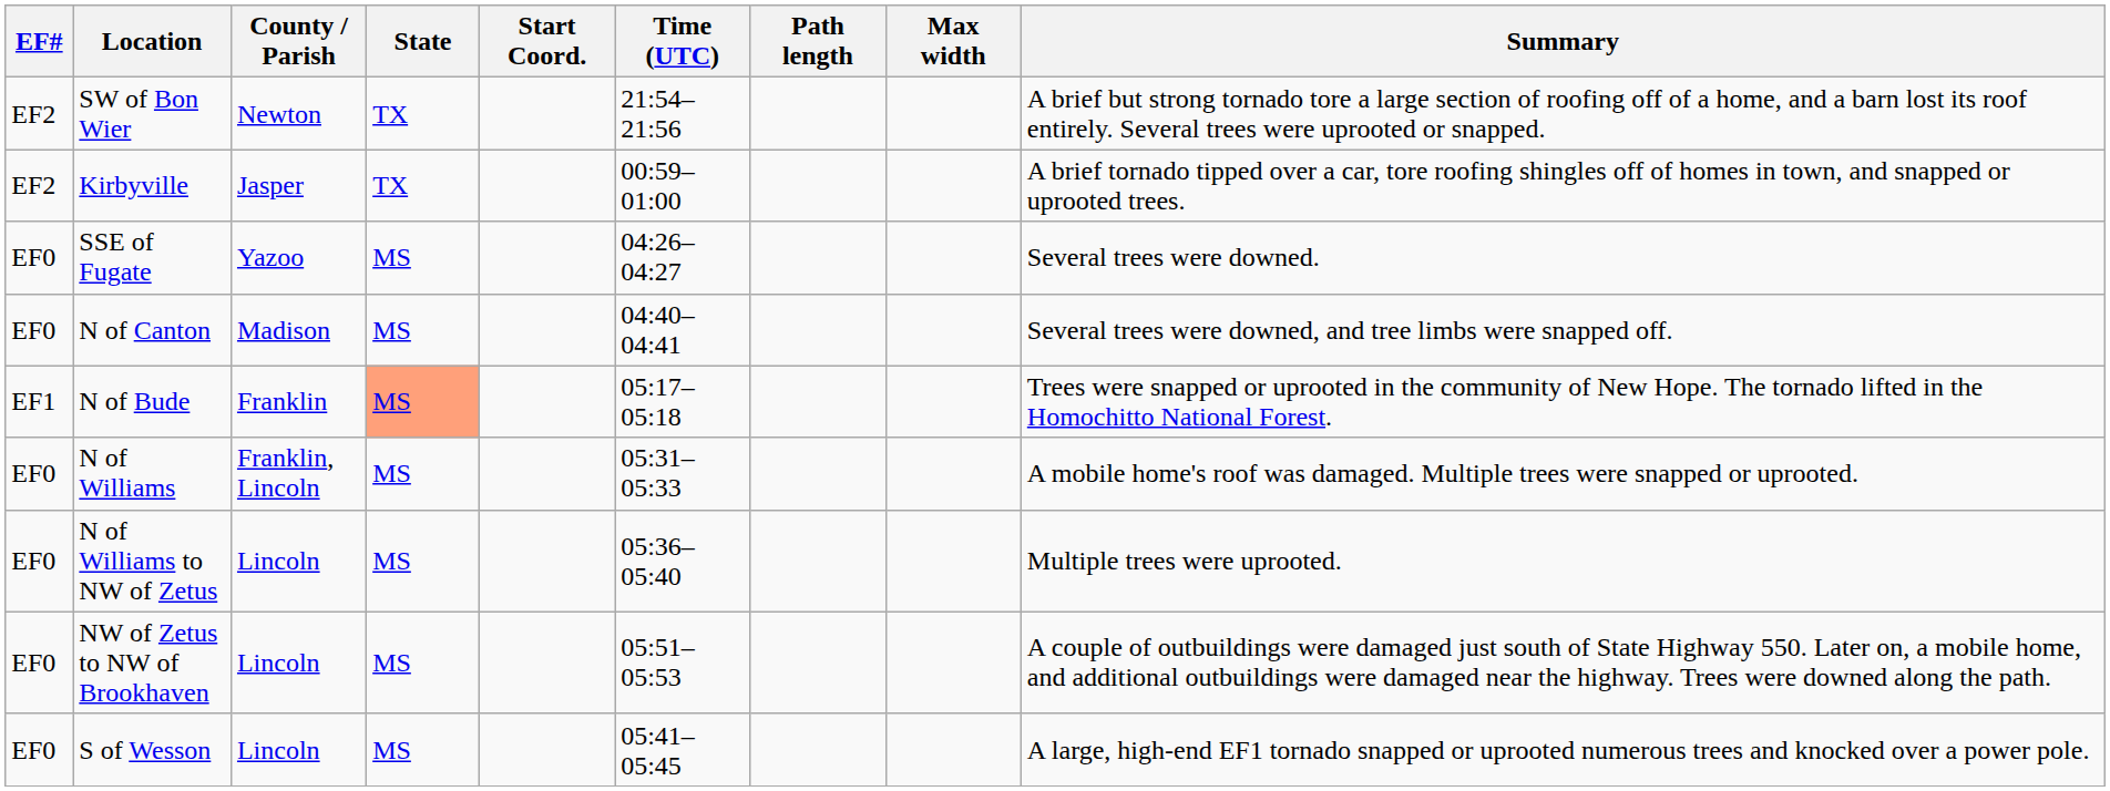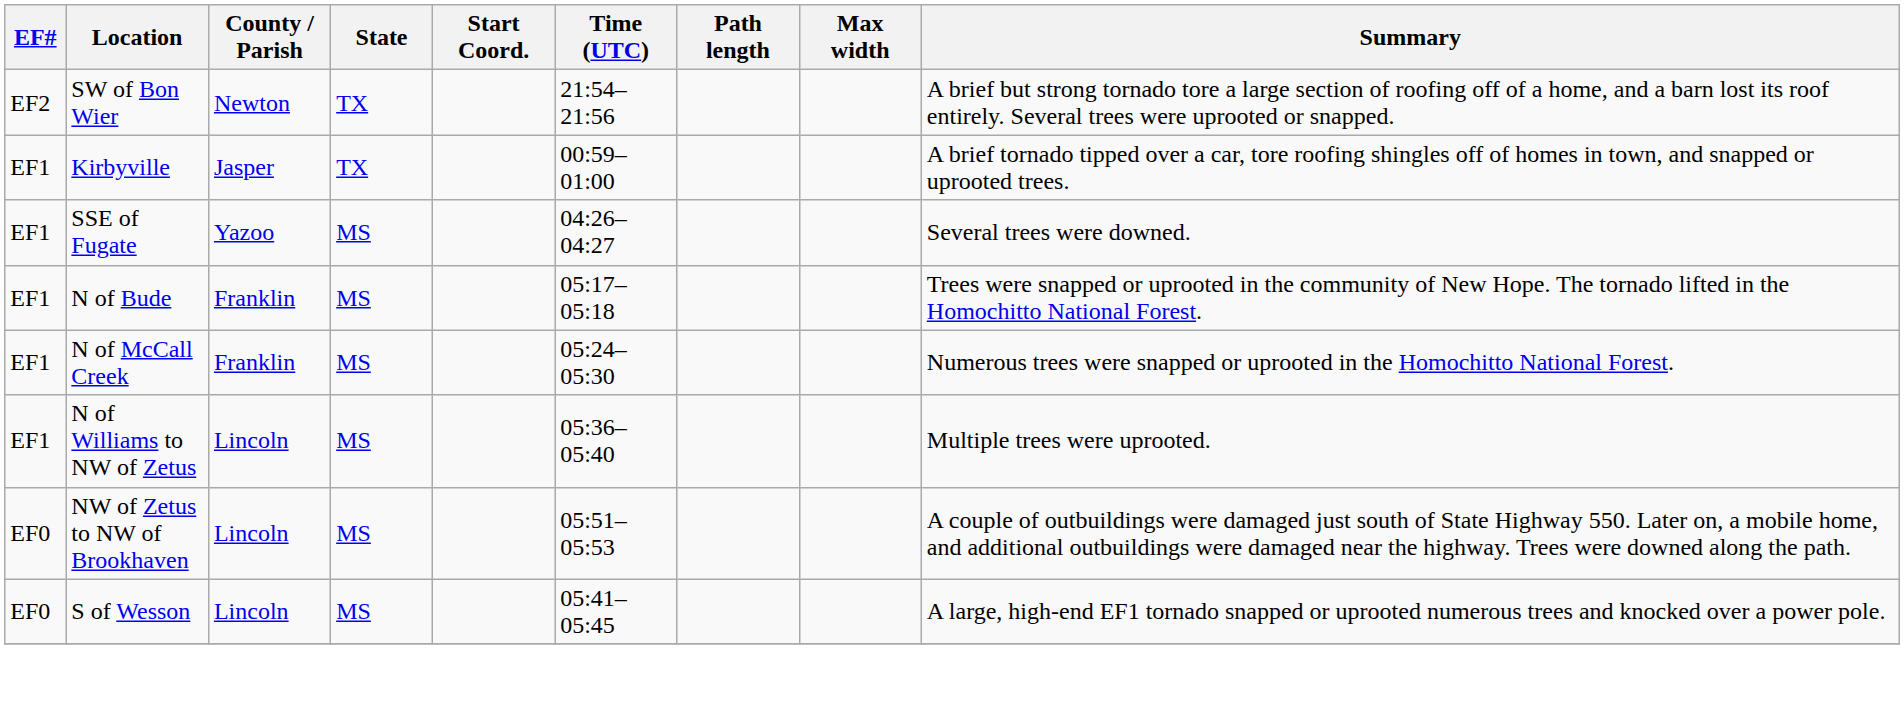 <table class="wikitable sortable" style="width:100%;">
 <tr>
 <th scope="col"  style="width:3%; text-align:center;"><a href='#'>EF#</a></th>
 <th scope="col"  style="width:7%; text-align:center;" class="unsortable">Location</th>
 <th scope="col"  style="width:6%; text-align:center;" class="unsortable">County / Parish</th>
 <th scope="col"  style="width:5%; text-align:center;">State</th>
 <th scope="col"  style="width:6%; text-align:center;">Start Coord.</th>
 <th scope="col"  style="width:6%; text-align:center;">Time (<a href='#'>UTC</a>)</th>
 <th scope="col"  style="width:6%; text-align:center;">Path length</th>
 <th scope="col"  style="width:6%; text-align:center;">Max width</th>
 <th scope="col" class="unsortable" style="width:48%; text-align:center;">Summary</th>
 </tr>
 <tr>
 <td>EF2</td>
 <td>SW of <a href='#'>Bon Wier</a></td>
 <td><a href='#'>Newton</a></td>
 <td><a href='#'>TX</a></td>
 <td></td>
 <td>21:54–21:56</td>
 <td></td>
 <td></td>
 <td>A brief but strong tornado tore a large section of roofing off of a home, and a barn lost its roof entirely. Several trees were uprooted or snapped.</td>
 </tr>
 <tr>
-<td>EF2</td>
+<td>EF1</td>
 <td><a href='#'>Kirbyville</a></td>
 <td><a href='#'>Jasper</a></td>
 <td><a href='#'>TX</a></td>
 <td></td>
 <td>00:59–01:00</td>
 <td></td>
 <td></td>
 <td>A brief tornado tipped over a car, tore roofing shingles off of homes in town, and snapped or uprooted trees.</td>
 </tr>
 <tr>
-<td>EF0</td>
+<td>EF1</td>
 <td>SSE of <a href='#'>Fugate</a></td>
 <td><a href='#'>Yazoo</a></td>
 <td><a href='#'>MS</a></td>
 <td></td>
 <td>04:26–04:27</td>
 <td></td>
 <td></td>
 <td>Several trees were downed.</td>
 </tr>
 <tr>
-<td>EF0</td>
-<td>N of <a href='#'>Canton</a></td>
-<td><a href='#'>Madison</a></td>
-<td><a href='#'>MS</a></td>
-<td></td>
-<td>04:40–04:41</td>
-<td></td>
-<td></td>
-<td>Several trees were downed, and tree limbs were snapped off.</td>
-</tr>
-<tr>
 <td>EF1</td>
 <td>N of <a href='#'>Bude</a></td>
 <td><a href='#'>Franklin</a></td>
-<td style="background: lightsalmon;"><a href='#'>MS</a></td>
+<td><a href='#'>MS</a></td>
 <td></td>
 <td>05:17–05:18</td>
 <td></td>
 <td></td>
 <td>Trees were snapped or uprooted in the community of New Hope. The tornado lifted in the <a href='#'>Homochitto National Forest</a>.</td>
 </tr>
 <tr>
-<td>EF0</td>
-<td>N of <a href='#'>Williams</a></td>
-<td><a href='#'>Franklin</a>, <a href='#'>Lincoln</a></td>
+<td>EF1</td>
+<td>N of <a href='#'>McCall Creek</a></td>
+<td><a href='#'>Franklin</a></td>
 <td><a href='#'>MS</a></td>
 <td></td>
-<td>05:31–05:33</td>
+<td>05:24–05:30</td>
 <td></td>
 <td></td>
-<td>A mobile home's roof was damaged. Multiple trees were snapped or uprooted.</td>
+<td>Numerous trees were snapped or uprooted in the <a href='#'>Homochitto National Forest</a>.</td>
 </tr>
 <tr>
-<td>EF0</td>
+<td>EF1</td>
 <td>N of <a href='#'>Williams</a> to NW of <a href='#'>Zetus</a></td>
 <td><a href='#'>Lincoln</a></td>
 <td><a href='#'>MS</a></td>
 <td></td>
 <td>05:36–05:40</td>
 <td></td>
 <td></td>
 <td>Multiple trees were uprooted.</td>
 </tr>
 <tr>
 <td>EF0</td>
 <td>NW of <a href='#'>Zetus</a> to NW of <a href='#'>Brookhaven</a></td>
 <td><a href='#'>Lincoln</a></td>
 <td><a href='#'>MS</a></td>
 <td></td>
 <td>05:51–05:53</td>
 <td></td>
 <td></td>
 <td>A couple of outbuildings were damaged just south of State Highway 550. Later on, a mobile home, and additional outbuildings were damaged near the highway. Trees were downed along the path.</td>
 </tr>
 <tr>
 <td>EF0</td>
 <td>S of <a href='#'>Wesson</a></td>
 <td><a href='#'>Lincoln</a></td>
 <td><a href='#'>MS</a></td>
 <td></td>
 <td>05:41–05:45</td>
 <td></td>
 <td></td>
 <td>A large, high-end EF1 tornado snapped or uprooted numerous trees and knocked over a power pole.</td>
 </tr>
 <tr>
 </tr>
 </table>
